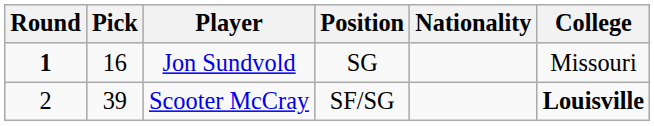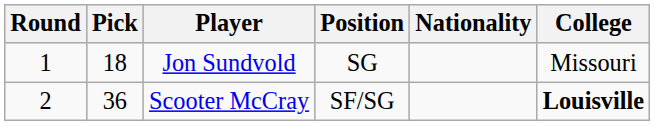 <table class="wikitable sortable sortable">
 <tr>
 <th>Round</th>
 <th>Pick</th>
 <th>Player</th>
 <th>Position</th>
 <th>Nationality</th>
 <th>College</th>
 </tr>
 <tr style="text-align: center">
-<td><strong>1</strong></td>
-<td>16</td>
+<td>1</td>
+<td>18</td>
 <td><a href='#'>Jon Sundvold</a></td>
 <td>SG</td>
 <td></td>
 <td>Missouri</td>
 </tr>
 <tr style="text-align: center">
 <td>2</td>
-<td>39</td>
+<td>36</td>
 <td><a href='#'>Scooter McCray</a></td>
 <td>SF/SG</td>
 <td></td>
 <td><strong>Louisville</strong></td>
 </tr>
 </table>
